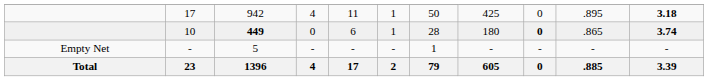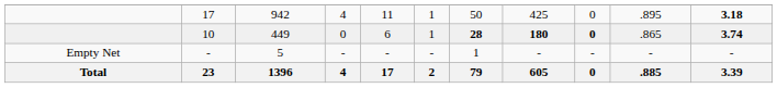 <table class="wikitable sortable" width ="1000">
 <tr align="center">
 </tr>
 <tr align="center">
 <td></td>
 <td>17</td>
 <td>942</td>
 <td>4</td>
 <td>11</td>
 <td>1</td>
 <td>50</td>
 <td>425</td>
 <td>0</td>
 <td>.895</td>
 <td><strong>3.18</strong></td>
 </tr>
 <tr align="center" bgcolor="f0f0f0">
 <td></td>
 <td>10</td>
-<td><strong>449</strong></td>
+<td>449</td>
 <td>0</td>
 <td>6</td>
 <td>1</td>
-<td>28</td>
-<td>180</td>
+<td><strong>28</strong></td>
+<td><strong>180</strong></td>
 <td><strong>0</strong></td>
 <td>.865</td>
 <td><strong>3.74</strong></td>
 </tr>
 <tr align="center" bgcolor="">
 <td>Empty Net</td>
 <td>-</td>
 <td>5</td>
 <td>-</td>
 <td>-</td>
 <td>-</td>
 <td>1</td>
 <td>-</td>
 <td>-</td>
 <td>-</td>
 <td>-</td>
 </tr>
 <tr>
 <th>Total</th>
 <th>23</th>
 <th>1396</th>
 <th>4</th>
 <th>17</th>
 <th>2</th>
 <th>79</th>
 <th>605</th>
 <th>0</th>
 <th>.885</th>
 <th>3.39</th>
 </tr>
 </table>
